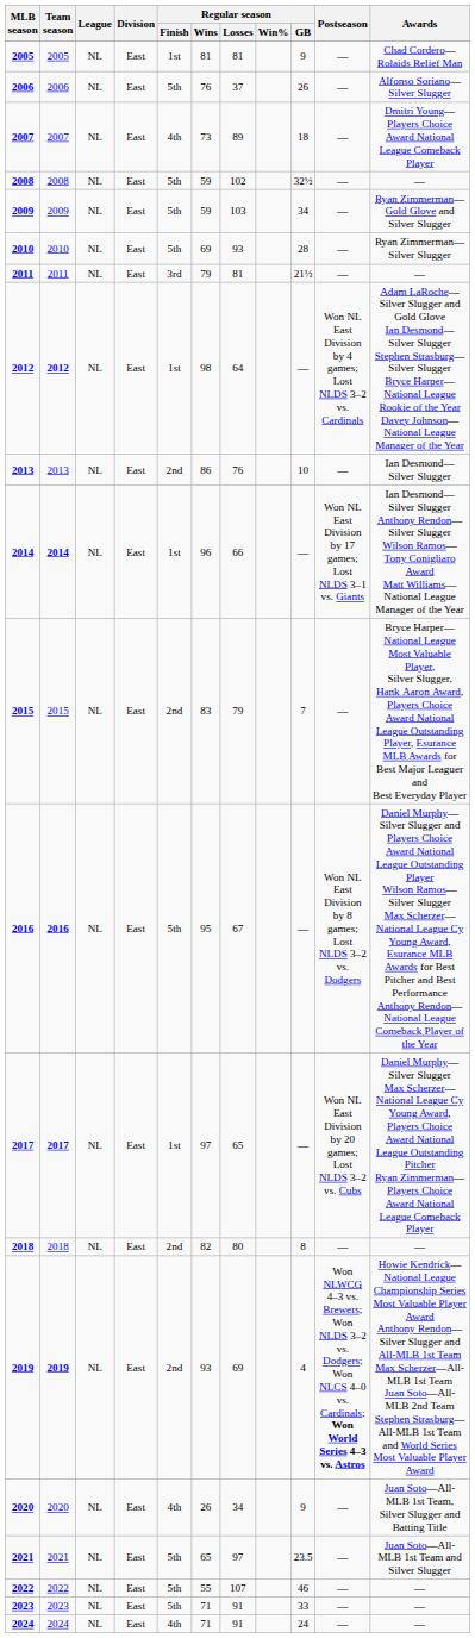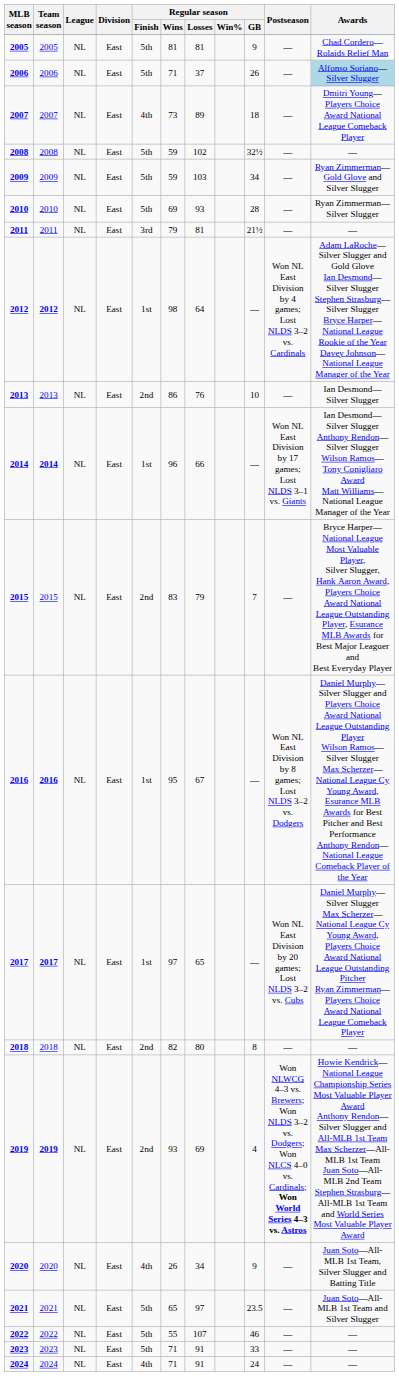 <table class="wikitable" style="text-align:center; font-size:95%">
 <tr>
 <th rowspan=2 style="text-align:center; ">MLB<br>season</th>
 <th rowspan=2 style="text-align:center; ">Team<br>season</th>
 <th rowspan=2 style="text-align:center; ">League</th>
 <th rowspan=2 style="text-align:center; ">Division</th>
 <th colspan=5 style="text-align:center; ">Regular season</th>
 <th rowspan=2 style="text-align:center; ">Postseason</th>
 <th rowspan=2 style="text-align:center; ">Awards</th>
 </tr>
 <tr>
 <th style="text-align:center; ">Finish</th>
 <th style="text-align:center; ">Wins</th>
 <th style="text-align:center; ">Losses</th>
 <th style="text-align:center; ">Win%</th>
 <th style="text-align:center; ">GB</th>
 </tr>
 <tr>
 </tr>
 <tr>
 <td><strong><a href='#'>2005</a></strong></td>
 <td><a href='#'>2005</a></td>
 <td>NL</td>
 <td>East</td>
-<td>1st</td>
+<td>5th</td>
 <td>81</td>
 <td>81</td>
 <td></td>
 <td>9</td>
 <td>—</td>
 <td><a href='#'>Chad Cordero</a>—<a href='#'>Rolaids Relief Man</a></td>
 </tr>
 <tr>
 <td><strong><a href='#'>2006</a></strong></td>
 <td><a href='#'>2006</a></td>
 <td>NL</td>
 <td>East</td>
 <td>5th</td>
-<td>76</td>
+<td>71</td>
 <td>37</td>
 <td></td>
 <td>26</td>
 <td>—</td>
-<td><a href='#'>Alfonso Soriano</a>—<a href='#'>Silver Slugger</a></td>
+<td style="background: lightblue;"><a href='#'>Alfonso Soriano</a>—<a href='#'>Silver Slugger</a></td>
 </tr>
 <tr>
 <td><strong><a href='#'>2007</a></strong></td>
 <td><a href='#'>2007</a></td>
 <td>NL</td>
 <td>East</td>
 <td>4th</td>
 <td>73</td>
 <td>89</td>
 <td></td>
 <td>18</td>
 <td>—</td>
 <td><a href='#'>Dmitri Young</a>—<a href='#'>Players Choice Award National League Comeback Player</a></td>
 </tr>
 <tr>
 <td><strong><a href='#'>2008</a></strong></td>
 <td><a href='#'>2008</a></td>
 <td>NL</td>
 <td>East</td>
 <td>5th</td>
 <td>59</td>
 <td>102</td>
 <td></td>
 <td>32½</td>
 <td>—</td>
 <td>—</td>
 </tr>
 <tr>
 <td><strong><a href='#'>2009</a></strong></td>
 <td><a href='#'>2009</a></td>
 <td>NL</td>
 <td>East</td>
 <td>5th</td>
 <td>59</td>
 <td>103</td>
 <td></td>
 <td>34</td>
 <td>—</td>
 <td><a href='#'>Ryan Zimmerman</a>—<a href='#'>Gold Glove</a> and Silver Slugger</td>
 </tr>
 <tr>
 <td><strong><a href='#'>2010</a></strong></td>
 <td><a href='#'>2010</a></td>
 <td>NL</td>
 <td>East</td>
 <td>5th</td>
 <td>69</td>
 <td>93</td>
 <td></td>
 <td>28</td>
 <td>—</td>
 <td>Ryan Zimmerman—Silver Slugger</td>
 </tr>
 <tr>
 <td><strong><a href='#'>2011</a></strong></td>
 <td><a href='#'>2011</a></td>
 <td>NL</td>
 <td>East</td>
 <td>3rd</td>
 <td>79</td>
 <td>81</td>
 <td></td>
 <td>21½</td>
 <td>—</td>
 <td>—</td>
 </tr>
 <tr>
 <td><strong><a href='#'>2012</a></strong></td>
 <td><strong><a href='#'>2012</a></strong></td>
 <td>NL</td>
 <td>East</td>
 <td>1st</td>
 <td>98</td>
 <td>64</td>
 <td></td>
 <td>—</td>
 <td>Won NL East Division by 4 games; Lost <a href='#'>NLDS</a> 3–2 vs. <a href='#'>Cardinals</a></td>
 <td><a href='#'>Adam LaRoche</a>—Silver Slugger and Gold Glove<br><a href='#'>Ian Desmond</a>—Silver Slugger<br><a href='#'>Stephen Strasburg</a>—Silver Slugger<br><a href='#'>Bryce Harper</a>—<a href='#'>National League Rookie of the Year</a><br><a href='#'>Davey Johnson</a>—<a href='#'>National League Manager of the Year</a></td>
 </tr>
 <tr>
 <td><strong><a href='#'>2013</a></strong></td>
 <td><a href='#'>2013</a></td>
 <td>NL</td>
 <td>East</td>
 <td>2nd</td>
 <td>86</td>
 <td>76</td>
 <td></td>
 <td>10</td>
 <td>—</td>
 <td>Ian Desmond—Silver Slugger</td>
 </tr>
 <tr>
 <td><strong><a href='#'>2014</a></strong></td>
 <td><strong><a href='#'>2014</a></strong></td>
 <td>NL</td>
 <td>East</td>
 <td>1st</td>
 <td>96</td>
 <td>66</td>
 <td></td>
 <td>—</td>
 <td>Won NL East Division by 17 games; Lost <a href='#'>NLDS</a> 3–1 vs. <a href='#'>Giants</a></td>
 <td>Ian Desmond—Silver Slugger<br><a href='#'>Anthony Rendon</a>—Silver Slugger<br><a href='#'>Wilson Ramos</a>—<a href='#'>Tony Conigliaro Award</a><br><a href='#'>Matt Williams</a>—National League Manager of the Year</td>
 </tr>
 <tr>
 <td><strong><a href='#'>2015</a></strong></td>
 <td><a href='#'>2015</a></td>
 <td>NL</td>
 <td>East</td>
 <td>2nd</td>
 <td>83</td>
 <td>79</td>
 <td></td>
 <td>7</td>
 <td>—</td>
 <td>Bryce Harper—<a href='#'>National League Most Valuable Player</a>, Silver Slugger, <a href='#'>Hank Aaron Award</a>, <a href='#'>Players Choice Award National League Outstanding Player</a>, <a href='#'>Esurance MLB Awards</a> for Best Major Leaguer and Best Everyday Player</td>
 </tr>
 <tr>
 <td><strong><a href='#'>2016</a></strong></td>
 <td><strong><a href='#'>2016</a></strong></td>
 <td>NL</td>
 <td>East</td>
-<td>5th</td>
+<td>1st</td>
 <td>95</td>
 <td>67</td>
 <td></td>
 <td>—</td>
 <td>Won NL East Division by 8 games; Lost <a href='#'>NLDS</a> 3–2 vs. <a href='#'>Dodgers</a></td>
 <td><a href='#'>Daniel Murphy</a>—Silver Slugger and <a href='#'>Players Choice Award National League Outstanding Player</a><br><a href='#'>Wilson Ramos</a>—Silver Slugger<br><a href='#'>Max Scherzer</a>— <a href='#'>National League Cy Young Award</a>, <a href='#'>Esurance MLB Awards</a> for Best Pitcher and Best Performance<br><a href='#'>Anthony Rendon</a>—<a href='#'>National League Comeback Player of the Year</a></td>
 </tr>
 <tr>
 <td><strong><a href='#'>2017</a></strong></td>
 <td><strong><a href='#'>2017</a></strong></td>
 <td>NL</td>
 <td>East</td>
 <td>1st</td>
 <td>97</td>
 <td>65</td>
 <td></td>
 <td>—</td>
 <td>Won NL East Division by 20 games; Lost <a href='#'>NLDS</a> 3–2 vs. <a href='#'>Cubs</a></td>
 <td><a href='#'>Daniel Murphy</a>—Silver Slugger<br><a href='#'>Max Scherzer</a>—<a href='#'>National League Cy Young Award</a>, <a href='#'>Players Choice Award National League Outstanding Pitcher</a><br><a href='#'>Ryan Zimmerman</a>—<a href='#'>Players Choice Award National League Comeback Player</a></td>
 </tr>
 <tr>
 <td><strong><a href='#'>2018</a></strong></td>
 <td><a href='#'>2018</a></td>
 <td>NL</td>
 <td>East</td>
 <td>2nd</td>
 <td>82</td>
 <td>80</td>
 <td></td>
 <td>8</td>
 <td>—</td>
 <td>—</td>
 </tr>
 <tr>
 <td><strong><a href='#'>2019</a></strong></td>
 <td><strong><a href='#'>2019</a></strong></td>
 <td>NL</td>
 <td>East</td>
 <td>2nd</td>
 <td>93</td>
 <td>69</td>
 <td></td>
 <td>4</td>
 <td>Won <a href='#'>NLWCG</a> 4–3 vs. <a href='#'>Brewers</a>; Won <a href='#'>NLDS</a> 3–2 vs. <a href='#'>Dodgers</a>; Won <a href='#'>NLCS</a> 4–0 vs. <a href='#'>Cardinals</a>; <strong>Won <a href='#'>World Series</a> 4–3 vs. <a href='#'>Astros</a></strong></td>
 <td><a href='#'>Howie Kendrick</a>—<a href='#'>National League Championship Series Most Valuable Player Award</a><br><a href='#'>Anthony Rendon</a>—Silver Slugger and <a href='#'>All-MLB 1st Team</a><br><a href='#'>Max Scherzer</a>—All-MLB 1st Team<br><a href='#'>Juan Soto</a>—All-MLB 2nd Team<br><a href='#'>Stephen Strasburg</a>—All-MLB 1st Team and <a href='#'>World Series Most Valuable Player Award</a></td>
 </tr>
 <tr>
 <td><strong><a href='#'>2020</a></strong></td>
 <td><a href='#'>2020</a></td>
 <td>NL</td>
 <td>East</td>
 <td>4th</td>
 <td>26</td>
 <td>34</td>
 <td></td>
 <td>9</td>
 <td>—</td>
 <td><a href='#'>Juan Soto</a>—All-MLB 1st Team, Silver Slugger and Batting Title</td>
 </tr>
 <tr>
 <td><strong><a href='#'>2021</a></strong></td>
 <td><a href='#'>2021</a></td>
 <td>NL</td>
 <td>East</td>
 <td>5th</td>
 <td>65</td>
 <td>97</td>
 <td></td>
 <td>23.5</td>
 <td>—</td>
 <td><a href='#'>Juan Soto</a>—All-MLB 1st Team and Silver Slugger</td>
 </tr>
 <tr>
 <td><strong><a href='#'>2022</a></strong></td>
 <td><a href='#'>2022</a></td>
 <td>NL</td>
 <td>East</td>
 <td>5th</td>
 <td>55</td>
 <td>107</td>
 <td></td>
 <td>46</td>
 <td>—</td>
 <td>—</td>
 </tr>
 <tr>
 <td><strong><a href='#'>2023</a></strong></td>
 <td><a href='#'>2023</a></td>
 <td>NL</td>
 <td>East</td>
 <td>5th</td>
 <td>71</td>
 <td>91</td>
 <td></td>
 <td>33</td>
 <td>—</td>
 <td>—</td>
 </tr>
 <tr>
 <td><strong><a href='#'>2024</a></strong></td>
 <td><a href='#'>2024</a></td>
 <td>NL</td>
 <td>East</td>
 <td>4th</td>
 <td>71</td>
 <td>91</td>
 <td></td>
 <td>24</td>
 <td>—</td>
 <td>—</td>
 </tr>
 </table>
